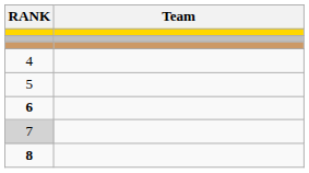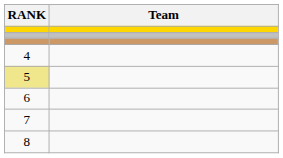 <table class="wikitable" style="border-collapse: collapse; font-size: 90%;">
 <tr>
 <th>RANK</th>
 <th align="left" style="width: 17em">Team</th>
 </tr>
 <tr bgcolor=gold>
 <td align="center"></td>
 <td></td>
 </tr>
 <tr bgcolor=silver>
 <td align="center"></td>
 <td></td>
 </tr>
 <tr bgcolor=cc9966>
 <td align="center"></td>
 <td></td>
 </tr>
 <tr>
 <td align="center">4</td>
 <td></td>
 </tr>
 <tr>
-<td align="center">5</td>
+<td align="center" style="background: khaki;">5</td>
 <td></td>
 </tr>
 <tr>
-<td align="center"><strong>6</strong></td>
+<td align="center">6</td>
 <td></td>
 </tr>
 <tr>
-<td align="center" style="background: lightgrey;">7</td>
+<td align="center">7</td>
 <td></td>
 </tr>
 <tr>
-<td align="center"><strong>8</strong></td>
+<td align="center">8</td>
 <td></td>
 </tr>
 </table>
